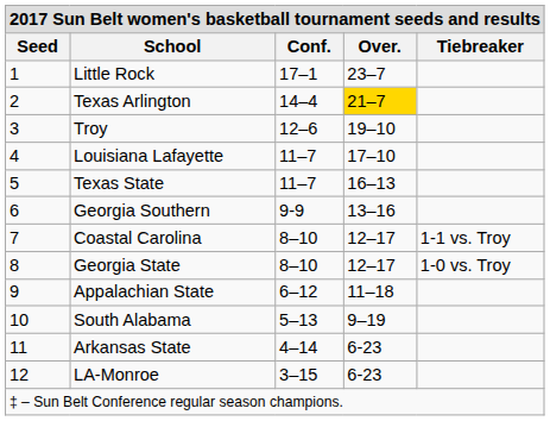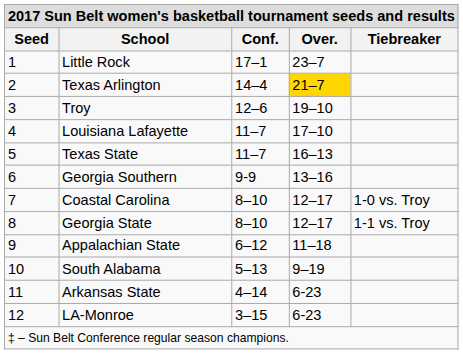 <table class="wikitable" style="white-space:nowrap; font-size:90%;">
 <tr>
 <td colspan="10" style="text-align:center; background:#DDDDDD; font:#000000"><strong>2017 Sun Belt women's basketball tournament seeds and results</strong></td>
 </tr>
 <tr bgcolor="#efefef">
 <th>Seed</th>
 <th>School</th>
 <th>Conf.</th>
 <th>Over.</th>
 <th>Tiebreaker</th>
 </tr>
 <tr>
 <td>1</td>
 <td>Little Rock</td>
 <td>17–1</td>
 <td>23–7</td>
 <td></td>
 </tr>
 <tr>
 <td>2</td>
 <td>Texas Arlington</td>
 <td>14–4</td>
 <td style="background: gold;">21–7</td>
 <td></td>
 </tr>
 <tr>
 <td>3</td>
 <td>Troy</td>
 <td>12–6</td>
 <td>19–10</td>
 <td></td>
 </tr>
 <tr>
 <td>4</td>
 <td>Louisiana Lafayette</td>
 <td>11–7</td>
 <td>17–10</td>
 <td></td>
 </tr>
 <tr>
 <td>5</td>
 <td>Texas State</td>
 <td>11–7</td>
 <td>16–13</td>
 <td></td>
 </tr>
 <tr>
 <td>6</td>
 <td>Georgia Southern</td>
 <td>9-9</td>
 <td>13–16</td>
 <td></td>
 </tr>
 <tr>
 <td>7</td>
 <td>Coastal Carolina</td>
 <td>8–10</td>
 <td>12–17</td>
-<td>1-1 vs. Troy</td>
+<td>1-0 vs. Troy</td>
 </tr>
 <tr>
 <td>8</td>
 <td>Georgia State</td>
 <td>8–10</td>
 <td>12–17</td>
-<td>1-0 vs. Troy</td>
+<td>1-1 vs. Troy</td>
 </tr>
 <tr>
 <td>9</td>
 <td>Appalachian State</td>
 <td>6–12</td>
 <td>11–18</td>
 <td></td>
 </tr>
 <tr>
 <td>10</td>
 <td>South Alabama</td>
 <td>5–13</td>
 <td>9–19</td>
 <td></td>
 </tr>
 <tr>
 <td>11</td>
 <td>Arkansas State</td>
 <td>4–14</td>
 <td>6-23</td>
 <td></td>
 </tr>
 <tr>
 <td>12</td>
 <td>LA-Monroe</td>
 <td>3–15</td>
 <td>6-23</td>
 <td></td>
 </tr>
 <tr>
 <td colspan="6" style="text-align:left;"><small>‡ – Sun Belt Conference regular season champions.</small></td>
 </tr>
 </table>
